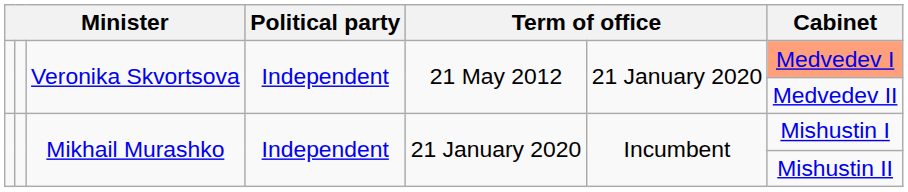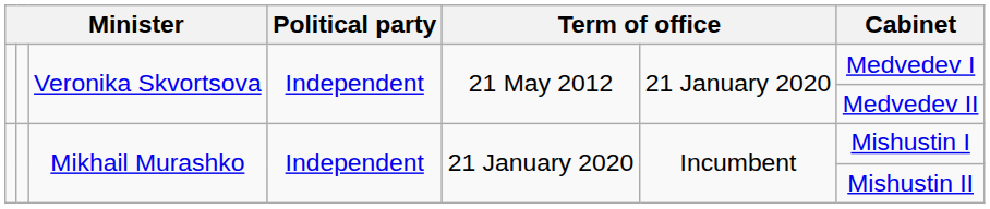 <table class="wikitable" style="text-align:center;">
 <tr>
 <th colspan=3>Minister</th>
 <th>Political party</th>
 <th colspan=2>Term of office</th>
 <th colspan=2>Cabinet</th>
 </tr>
 <tr>
 <td rowspan=2 style="background: "></td>
 <td rowspan=2></td>
 <td rowspan=2><a href='#'>Veronika Skvortsova</a></td>
 <td rowspan=2><a href='#'>Independent</a></td>
 <td rowspan=2>21 May 2012</td>
 <td rowspan=2>21 January 2020</td>
-<td style="background: lightsalmon;"><a href='#'>Medvedev I</a></td>
+<td><a href='#'>Medvedev I</a></td>
 </tr>
 <tr>
 <td><a href='#'>Medvedev II</a></td>
 </tr>
 <tr>
 <td rowspan=2 style="background: "></td>
 <td rowspan=2></td>
 <td rowspan=2><a href='#'>Mikhail Murashko</a></td>
 <td rowspan=2><a href='#'>Independent</a></td>
 <td rowspan=2>21 January 2020</td>
 <td rowspan=2>Incumbent</td>
 <td><a href='#'>Mishustin I</a></td>
 </tr>
 <tr>
 <td><a href='#'>Mishustin II</a></td>
 </tr>
 </table>
